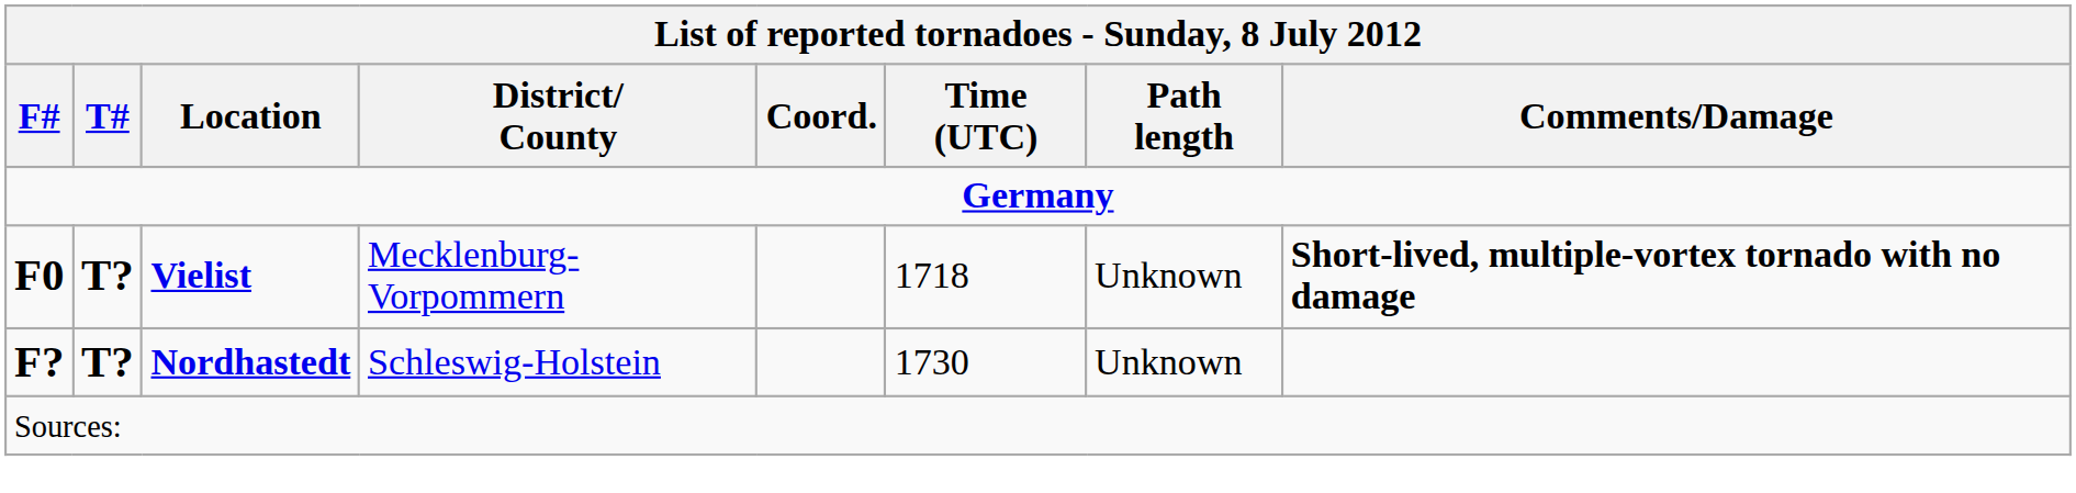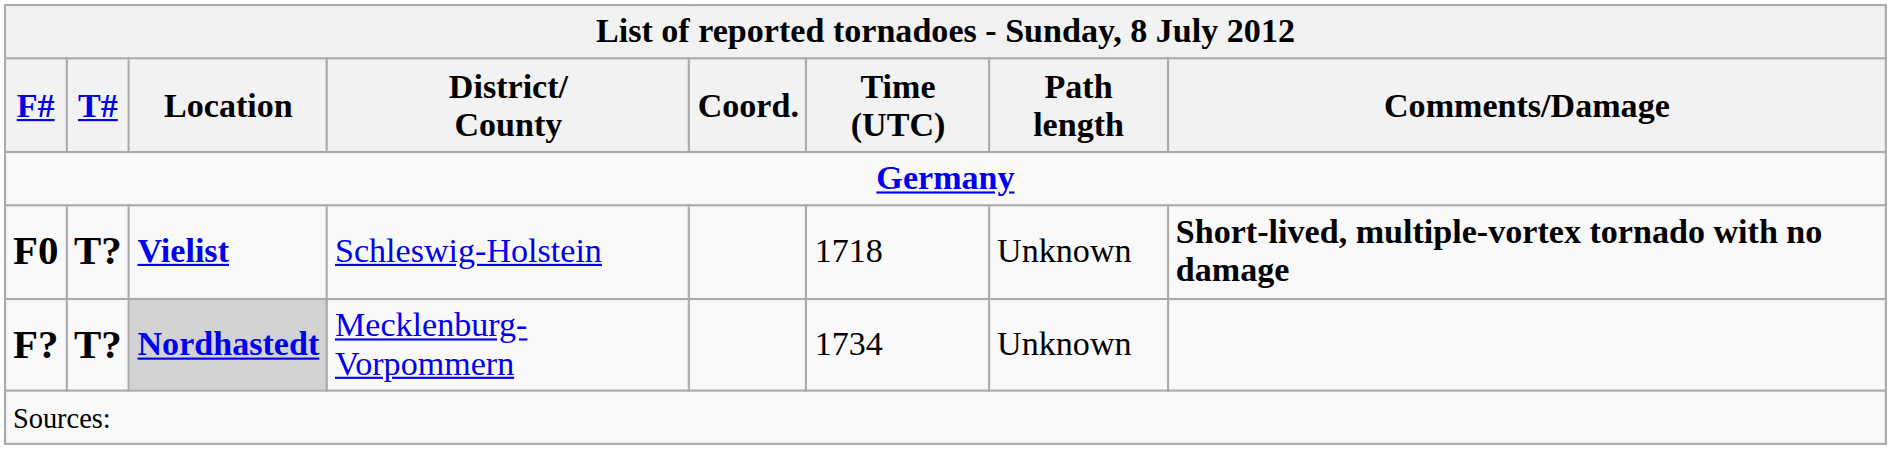 <table class="wikitable collapsible" width="100%">
 <tr>
 <th colspan="8">List of reported tornadoes - Sunday, 8 July 2012</th>
 </tr>
 <tr>
 <th><a href='#'>F#</a></th>
 <th><a href='#'>T#</a></th>
 <th>Location</th>
 <th>District/<br>County</th>
 <th>Coord.</th>
 <th>Time (UTC)</th>
 <th>Path length</th>
 <th>Comments/Damage</th>
 </tr>
 <tr>
 <td colspan="8" align=center><strong><a href='#'>Germany</a></strong></td>
 </tr>
 <tr>
 <td><big><strong>F0</strong></big></td>
 <td><big><strong>T?</strong></big></td>
 <td><strong><a href='#'>Vielist</a></strong></td>
-<td><a href='#'>Mecklenburg-Vorpommern</a></td>
+<td><a href='#'>Schleswig-Holstein</a></td>
 <td></td>
 <td>1718</td>
 <td>Unknown</td>
 <td><strong>Short-lived, multiple-vortex tornado with no damage</strong></td>
 </tr>
 <tr>
 <td><big><strong>F?</strong></big></td>
 <td><big><strong>T?</strong></big></td>
-<td><strong><a href='#'>Nordhastedt</a></strong></td>
-<td><a href='#'>Schleswig-Holstein</a></td>
+<td style="background: lightgrey;"><strong><a href='#'>Nordhastedt</a></strong></td>
+<td><a href='#'>Mecklenburg-Vorpommern</a></td>
 <td></td>
-<td>1730</td>
+<td>1734</td>
 <td>Unknown</td>
 <td></td>
 </tr>
 <tr>
 <td colspan="8"><small>Sources:  </small></td>
 </tr>
 </table>
